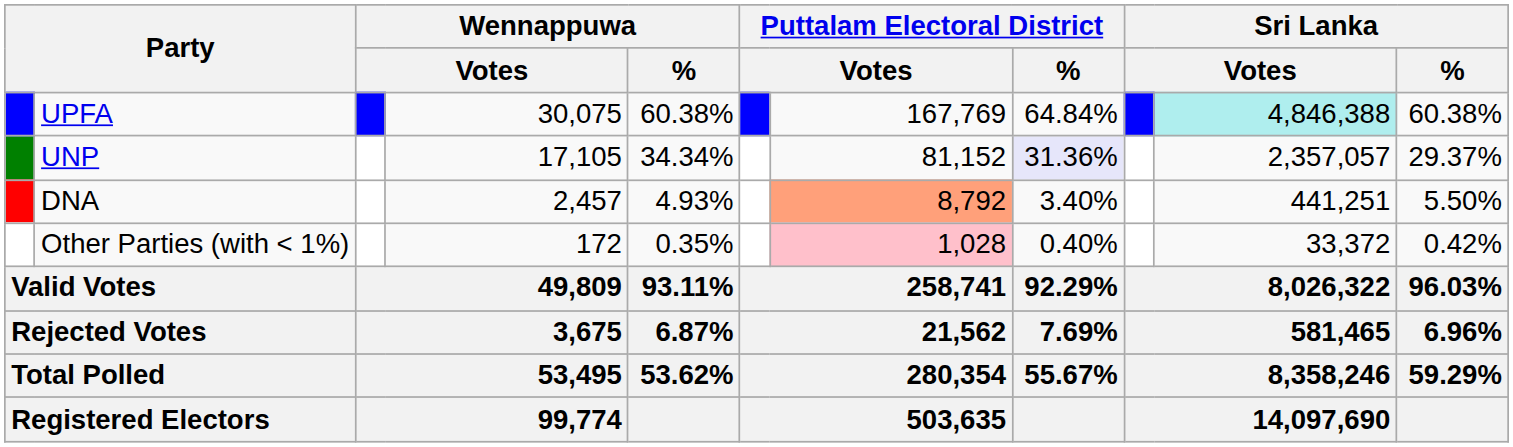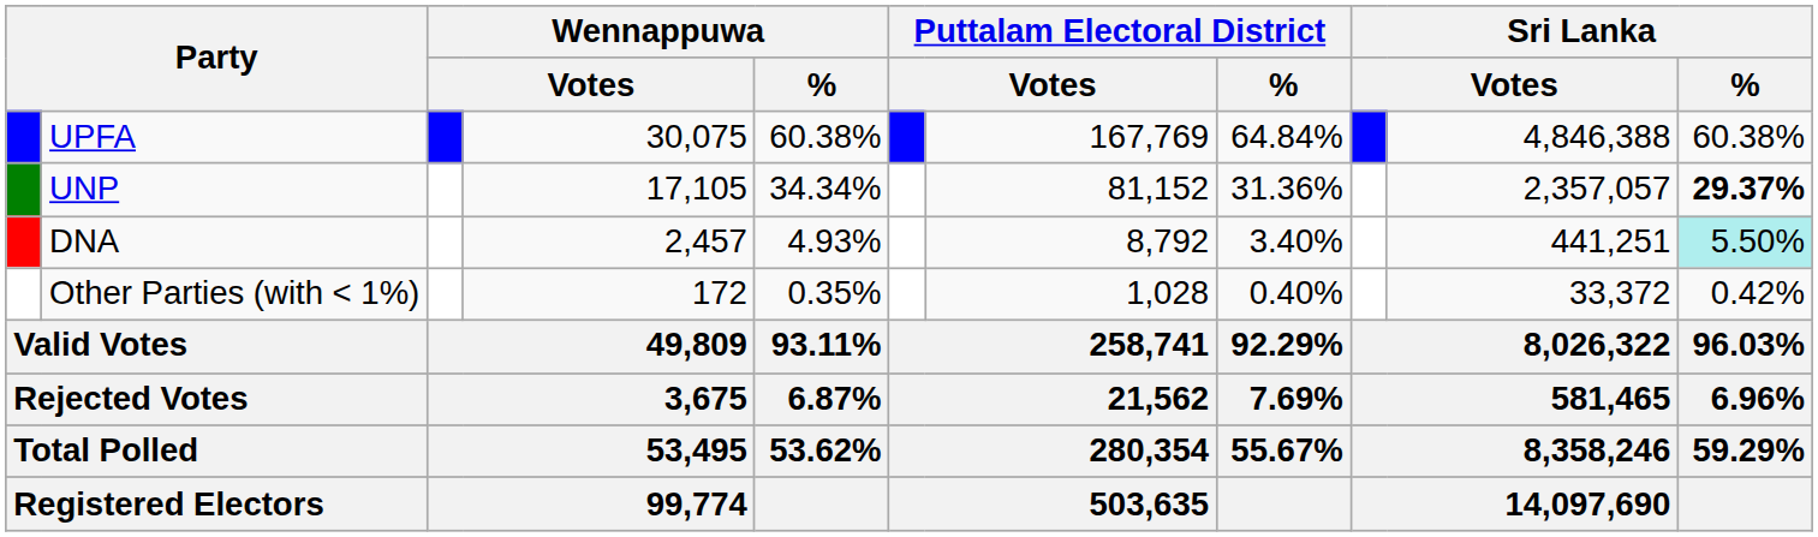 <table class="wikitable">
 <tr>
 <th colspan="2" width="144px"rowspan="2">Party</th>
 <th colspan="3" width="216px">Wennappuwa</th>
 <th colspan="3" width="216px"><a href='#'>Puttalam Electoral District</a></th>
 <th colspan="3" width="216px">Sri Lanka</th>
 </tr>
 <tr>
 <th colspan="2" width="144px">Votes</th>
 <th>%</th>
 <th colspan="2" width="144px">Votes</th>
 <th>%</th>
 <th colspan="2" width="144px">Votes</th>
 <th>%</th>
 </tr>
 <tr>
 <td style="background-color:blue;" width="10px"></td>
 <td style="text-align:left;"><a href='#'>UPFA</a></td>
 <td style="background-color:blue;" width="10px"></td>
 <td style="text-align:right;">30,075</td>
 <td style="text-align:right;">60.38%</td>
 <td style="background-color:blue;" width="10px"></td>
 <td style="text-align:right;">167,769</td>
 <td style="text-align:right;">64.84%</td>
 <td style="background-color:blue;" width="10px"></td>
-<td style="background: paleturquoise; text-align:right;">4,846,388</td>
+<td style="text-align:right;">4,846,388</td>
 <td style="text-align:right;">60.38%</td>
 </tr>
 <tr>
 <td style="background-color:green;" width="10px"></td>
 <td style="text-align:left;"><a href='#'>UNP</a></td>
 <td style="background-color:white;" width="10px"></td>
 <td style="text-align:right;">17,105</td>
 <td style="text-align:right;">34.34%</td>
 <td style="background-color:white;" width="10px"></td>
 <td style="text-align:right;">81,152</td>
-<td style="background: lavender; text-align:right;">31.36%</td>
+<td style="text-align:right;">31.36%</td>
 <td style="background-color:white;" width="10px"></td>
 <td style="text-align:right;">2,357,057</td>
-<td style="text-align:right;">29.37%</td>
+<td style="text-align:right;"><strong>29.37%</strong></td>
 </tr>
 <tr>
 <td style="background-color:red;" width="10px"></td>
 <td style="text-align:left;">DNA</td>
 <td style="background-color:white;" width="10px"></td>
 <td style="text-align:right;">2,457</td>
 <td style="text-align:right;">4.93%</td>
 <td style="background-color:white;" width="10px"></td>
-<td style="background: lightsalmon; text-align:right;">8,792</td>
+<td style="text-align:right;">8,792</td>
 <td style="text-align:right;">3.40%</td>
 <td style="background-color:white;" width="10px"></td>
 <td style="text-align:right;">441,251</td>
-<td style="text-align:right;">5.50%</td>
+<td style="background: paleturquoise; text-align:right;">5.50%</td>
 </tr>
 <tr>
 <td style="background-color:white;" width="10px"></td>
 <td style="text-align:left;">Other Parties (with < 1%)</td>
 <td style="background-color:white;" width="10px"></td>
 <td style="text-align:right;">172</td>
 <td style="text-align:right;">0.35%</td>
 <td style="background-color:white;" width="10px"></td>
-<td style="background: pink; text-align:right;">1,028</td>
+<td style="text-align:right;">1,028</td>
 <td style="text-align:right;">0.40%</td>
 <td style="background-color:white;" width="10px"></td>
 <td style="text-align:right;">33,372</td>
 <td style="text-align:right;">0.42%</td>
 </tr>
 <tr>
 <th colspan="2" width="144px"style="text-align:left;">Valid Votes</th>
 <th style="text-align:right;"colspan="2" width="144px">49,809</th>
 <th style="text-align:right;">93.11%</th>
 <th style="text-align:right;"colspan="2" width="144px">258,741</th>
 <th style="text-align:right;">92.29%</th>
 <th style="text-align:right;"colspan="2" width="144px">8,026,322</th>
 <th style="text-align:right;">96.03%</th>
 </tr>
 <tr>
 <th colspan="2" width="144px"style="text-align:left;">Rejected Votes</th>
 <th style="text-align:right;"colspan="2" width="144px">3,675</th>
 <th style="text-align:right;">6.87%</th>
 <th style="text-align:right;"colspan="2" width="144px">21,562</th>
 <th style="text-align:right;">7.69%</th>
 <th style="text-align:right;"colspan="2" width="144px">581,465</th>
 <th style="text-align:right;">6.96%</th>
 </tr>
 <tr>
 <th colspan="2" width="144px"style="text-align:left;">Total Polled</th>
 <th style="text-align:right;"colspan="2" width="144px">53,495</th>
 <th style="text-align:right;">53.62%</th>
 <th style="text-align:right;"colspan="2" width="144px">280,354</th>
 <th style="text-align:right;">55.67%</th>
 <th style="text-align:right;"colspan="2" width="144px">8,358,246</th>
 <th style="text-align:right;">59.29%</th>
 </tr>
 <tr>
 <th colspan="2" width="144px"style="text-align:left;">Registered Electors</th>
 <th style="text-align:right;"colspan="2" width="144px">99,774</th>
 <th></th>
 <th style="text-align:right;"colspan="2" width="144px">503,635</th>
 <th></th>
 <th style="text-align:right;"colspan="2" width="144px">14,097,690</th>
 <th></th>
 </tr>
 </table>
